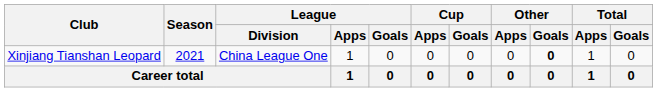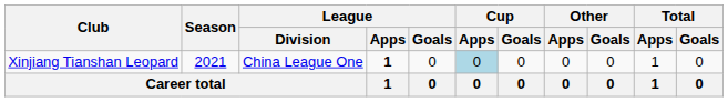 <table class="wikitable" style="text-align: center">
 <tr>
 <th rowspan="2">Club</th>
 <th rowspan="2">Season</th>
 <th colspan="3">League</th>
 <th colspan="2">Cup</th>
 <th colspan="2">Other</th>
 <th colspan="2">Total</th>
 </tr>
 <tr>
 <th>Division</th>
 <th>Apps</th>
 <th>Goals</th>
 <th>Apps</th>
 <th>Goals</th>
 <th>Apps</th>
 <th>Goals</th>
 <th>Apps</th>
 <th>Goals</th>
 </tr>
 <tr>
 <td><a href='#'>Xinjiang Tianshan Leopard</a></td>
 <td><a href='#'>2021</a></td>
 <td><a href='#'>China League One</a></td>
-<td>1</td>
+<td><strong>1</strong></td>
+<td>0</td>
+<td style="background: lightblue;">0</td>
 <td>0</td>
 <td>0</td>
 <td>0</td>
-<td>0</td>
-<td><strong>0</strong></td>
 <td>1</td>
 <td>0</td>
 </tr>
 <tr>
 <th colspan=3>Career total</th>
 <th>1</th>
 <th>0</th>
 <th>0</th>
 <th>0</th>
 <th>0</th>
 <th>0</th>
 <th>1</th>
 <th>0</th>
 </tr>
 </table>
